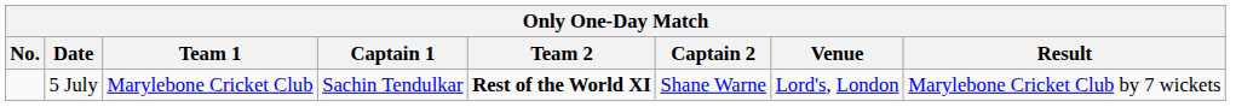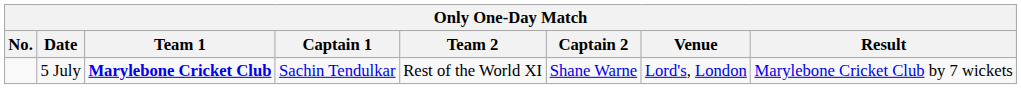 <table class="wikitable">
 <tr>
 <th colspan="8">Only One-Day Match</th>
 </tr>
 <tr>
 <th>No.</th>
 <th>Date</th>
 <th>Team 1</th>
 <th>Captain 1</th>
 <th>Team 2</th>
 <th>Captain 2</th>
 <th>Venue</th>
 <th>Result</th>
 </tr>
 <tr>
 <td></td>
 <td>5 July</td>
-<td><a href='#'>Marylebone Cricket Club</a></td>
+<td><strong><a href='#'>Marylebone Cricket Club</a></strong></td>
 <td><a href='#'>Sachin Tendulkar</a></td>
-<td><strong>Rest of the World XI</strong></td>
+<td>Rest of the World XI</td>
 <td><a href='#'>Shane Warne</a></td>
 <td><a href='#'>Lord's</a>, <a href='#'>London</a></td>
 <td><a href='#'>Marylebone Cricket Club</a> by 7 wickets</td>
 </tr>
 </table>
